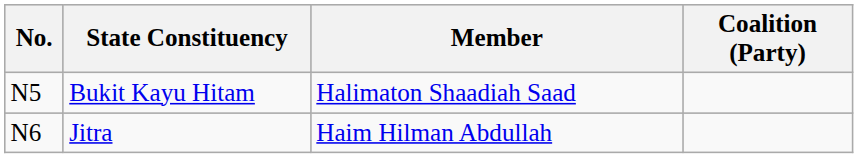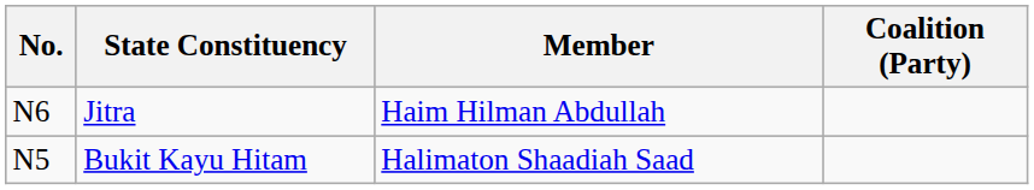 <table class="wikitable">
 <tr>
 <th width="30">No.</th>
 <th width="150">State Constituency</th>
 <th width="230">Member</th>
 <th width="100">Coalition (Party)</th>
 </tr>
 <tr>
+<td>N6</td>
+<td><a href='#'>Jitra</a></td>
+<td><a href='#'>Haim Hilman Abdullah</a></td>
+<td></td>
+</tr>
+<tr>
 <td>N5</td>
 <td><a href='#'>Bukit Kayu Hitam</a></td>
 <td><a href='#'>Halimaton Shaadiah Saad</a></td>
 <td></td>
 </tr>
-<tr>
-<td>N6</td>
-<td><a href='#'>Jitra</a></td>
-<td><a href='#'>Haim Hilman Abdullah</a></td>
-<td></td>
-</tr>
 </table>
